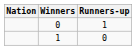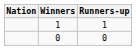 <table class="wikitable plainrowheaders sortable">
 <tr>
 <th scope="col">Nation</th>
 <th scope="col">Winners</th>
 <th scope="col">Runners-up</th>
 </tr>
 <tr>
 <td scope="row"></td>
-<td align="center">0</td>
+<td align="center">1</td>
 <td align="center">1</td>
 </tr>
 <tr>
 <td scope="row"></td>
-<td align="center">1</td>
+<td align="center">0</td>
 <td align="center">0</td>
 </tr>
 </table>
